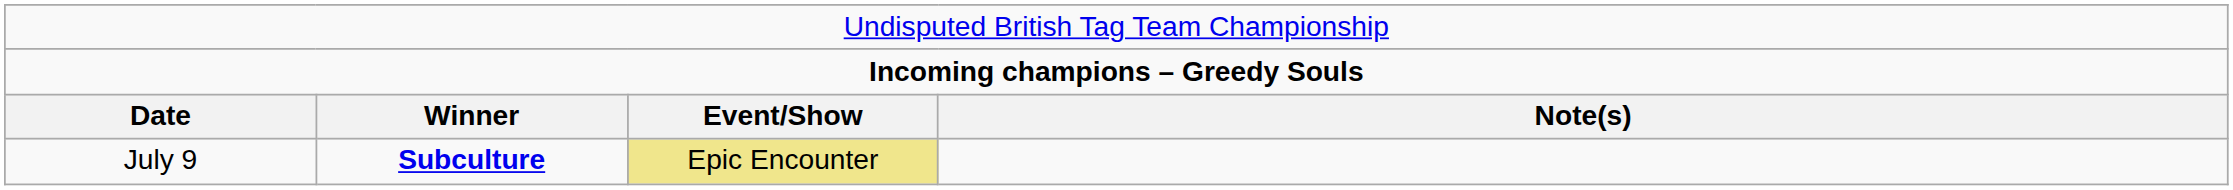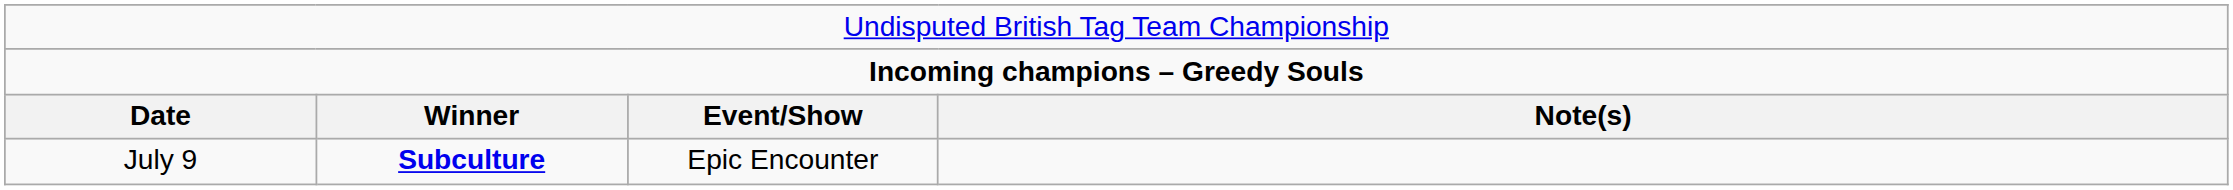 <table class="wikitable" style="text-align:center; width:100%;">
 <tr>
 <td colspan="5" style="text-align: center;"><a href='#'>Undisputed British Tag Team Championship</a></td>
 </tr>
 <tr>
 <td colspan="5" style="text-align: center;"><strong>Incoming champions – Greedy Souls </strong></td>
 </tr>
 <tr>
 <th width=14%>Date</th>
 <th width=14%>Winner</th>
 <th width=14%>Event/Show</th>
 <th width=58%>Note(s)</th>
 </tr>
 <tr>
 <td>July 9</td>
 <td><strong><a href='#'>Subculture</a><br></strong></td>
-<td style="background: khaki;">Epic Encounter</td>
+<td>Epic Encounter</td>
 <td></td>
 </tr>
 </table>
